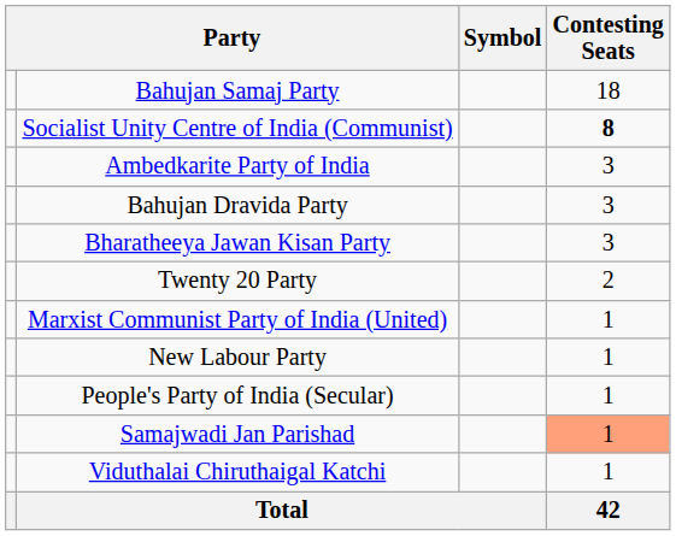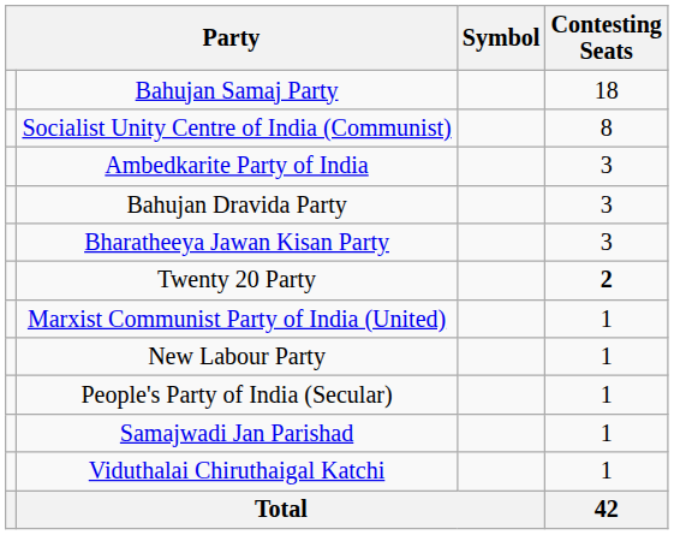 <table class="wikitable" style="text-align:center">
 <tr>
 <th colspan="2" style="width: 50px;">Party</th>
 <th style="width: 50px;">Symbol</th>
 <th style="width: 50px;">Contesting Seats</th>
 </tr>
 <tr>
 <td></td>
 <td><a href='#'>Bahujan Samaj Party</a></td>
 <td></td>
 <td>18</td>
 </tr>
 <tr>
 <td></td>
 <td><a href='#'>Socialist Unity Centre of India (Communist)</a></td>
 <td></td>
-<td><strong>8</strong></td>
+<td>8</td>
 </tr>
 <tr>
 <td></td>
 <td><a href='#'>Ambedkarite Party of India</a></td>
 <td></td>
 <td>3</td>
 </tr>
 <tr>
 <td></td>
 <td>Bahujan Dravida Party</td>
 <td></td>
 <td>3</td>
 </tr>
 <tr>
 <td></td>
 <td><a href='#'>Bharatheeya Jawan Kisan Party</a></td>
 <td></td>
 <td>3</td>
 </tr>
 <tr>
 <td></td>
 <td>Twenty 20 Party</td>
 <td></td>
-<td>2</td>
+<td><strong>2</strong></td>
 </tr>
 <tr>
 <td></td>
 <td><a href='#'>Marxist Communist Party of India (United)</a></td>
 <td></td>
 <td>1</td>
 </tr>
 <tr>
 <td></td>
 <td>New Labour Party</td>
 <td></td>
 <td>1</td>
 </tr>
 <tr>
 <td></td>
 <td>People's Party of India (Secular)</td>
 <td></td>
 <td>1</td>
 </tr>
 <tr>
 <td></td>
 <td><a href='#'>Samajwadi Jan Parishad</a></td>
 <td></td>
-<td style="background: lightsalmon;">1</td>
+<td>1</td>
 </tr>
 <tr>
 <td></td>
 <td><a href='#'>Viduthalai Chiruthaigal Katchi</a></td>
 <td></td>
 <td>1</td>
 </tr>
 <tr>
 <th></th>
 <th colspan="2">Total</th>
 <th>42</th>
 </tr>
 </table>
